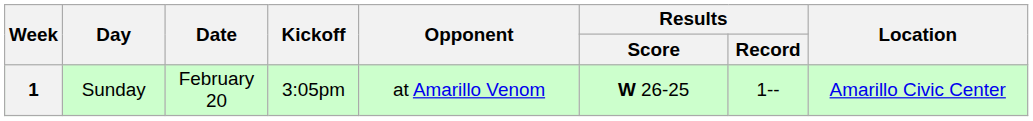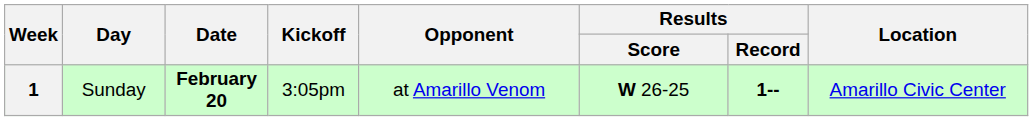 <table class="wikitable">
 <tr>
 <th rowspan="2" width="40">Week</th>
 <th rowspan="2" width="80">Day</th>
 <th rowspan="2" width="80">Date</th>
 <th rowspan="2" width="70">Kickoff</th>
 <th rowspan="2" width="180">Opponent</th>
 <th colspan="2" width="180">Results</th>
 <th rowspan="2" width="180">Location</th>
 </tr>
 <tr>
 <th width="120">Score</th>
 <th width="60">Record</th>
 </tr>
 <tr align="center" bgcolor="#CCFFCC">
 <th>1</th>
 <td>Sunday</td>
-<td>February 20</td>
+<td><strong>February 20</strong></td>
 <td>3:05pm</td>
 <td>at <a href='#'>Amarillo Venom</a></td>
 <td><strong>W</strong> 26-25</td>
-<td>1--</td>
+<td><strong>1--</strong></td>
 <td><a href='#'>Amarillo Civic Center</a></td>
 </tr>
 </table>
